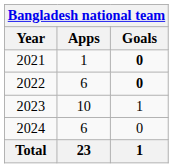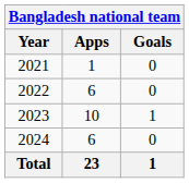 <table class=wikitable style=text-align:center>
 <tr>
 <th colspan=3><a href='#'>Bangladesh national team</a></th>
 </tr>
 <tr>
 <th>Year</th>
 <th>Apps</th>
 <th>Goals</th>
 </tr>
 <tr>
 <td>2021</td>
 <td>1</td>
-<td><strong>0</strong></td>
+<td>0</td>
 </tr>
 <tr>
 <td>2022</td>
 <td>6</td>
-<td><strong>0</strong></td>
+<td>0</td>
 </tr>
 <tr>
 <td>2023</td>
 <td>10</td>
 <td>1</td>
 </tr>
 <tr>
 <td>2024</td>
 <td>6</td>
 <td>0</td>
 </tr>
 <tr>
 <th colspan=1>Total</th>
 <th>23</th>
 <th>1</th>
 </tr>
 </table>
